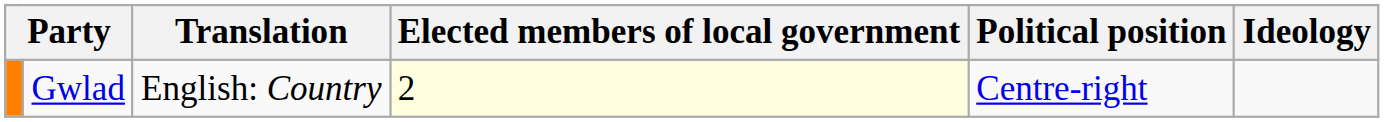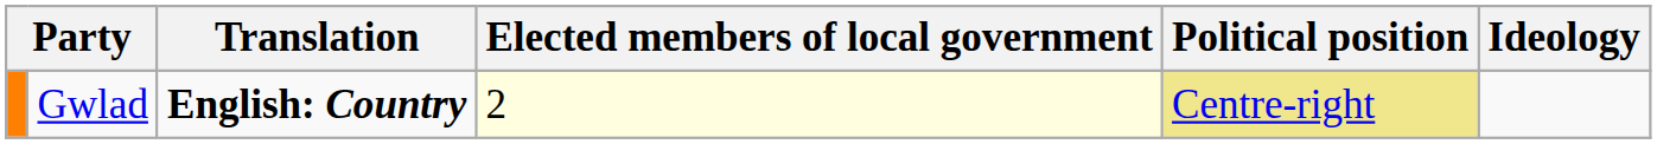 <table class="wikitable sortable">
 <tr>
 <th colspan="2">Party</th>
 <th>Translation</th>
 <th>Elected members of local government</th>
 <th>Political position</th>
 <th>Ideology</th>
 </tr>
 <tr>
 <th style="background-color:#FF8000; width: 1px"></th>
 <td><a href='#'>Gwlad</a></td>
-<td>English: <em>Country</em></td>
+<td><strong>English: <em>Country</em></strong></td>
 <td style="background: lightyellow;">2</td>
-<td><a href='#'>Centre-right</a></td>
+<td style="background: khaki;"><a href='#'>Centre-right</a></td>
 <td><br></td>
 </tr>
 </table>
